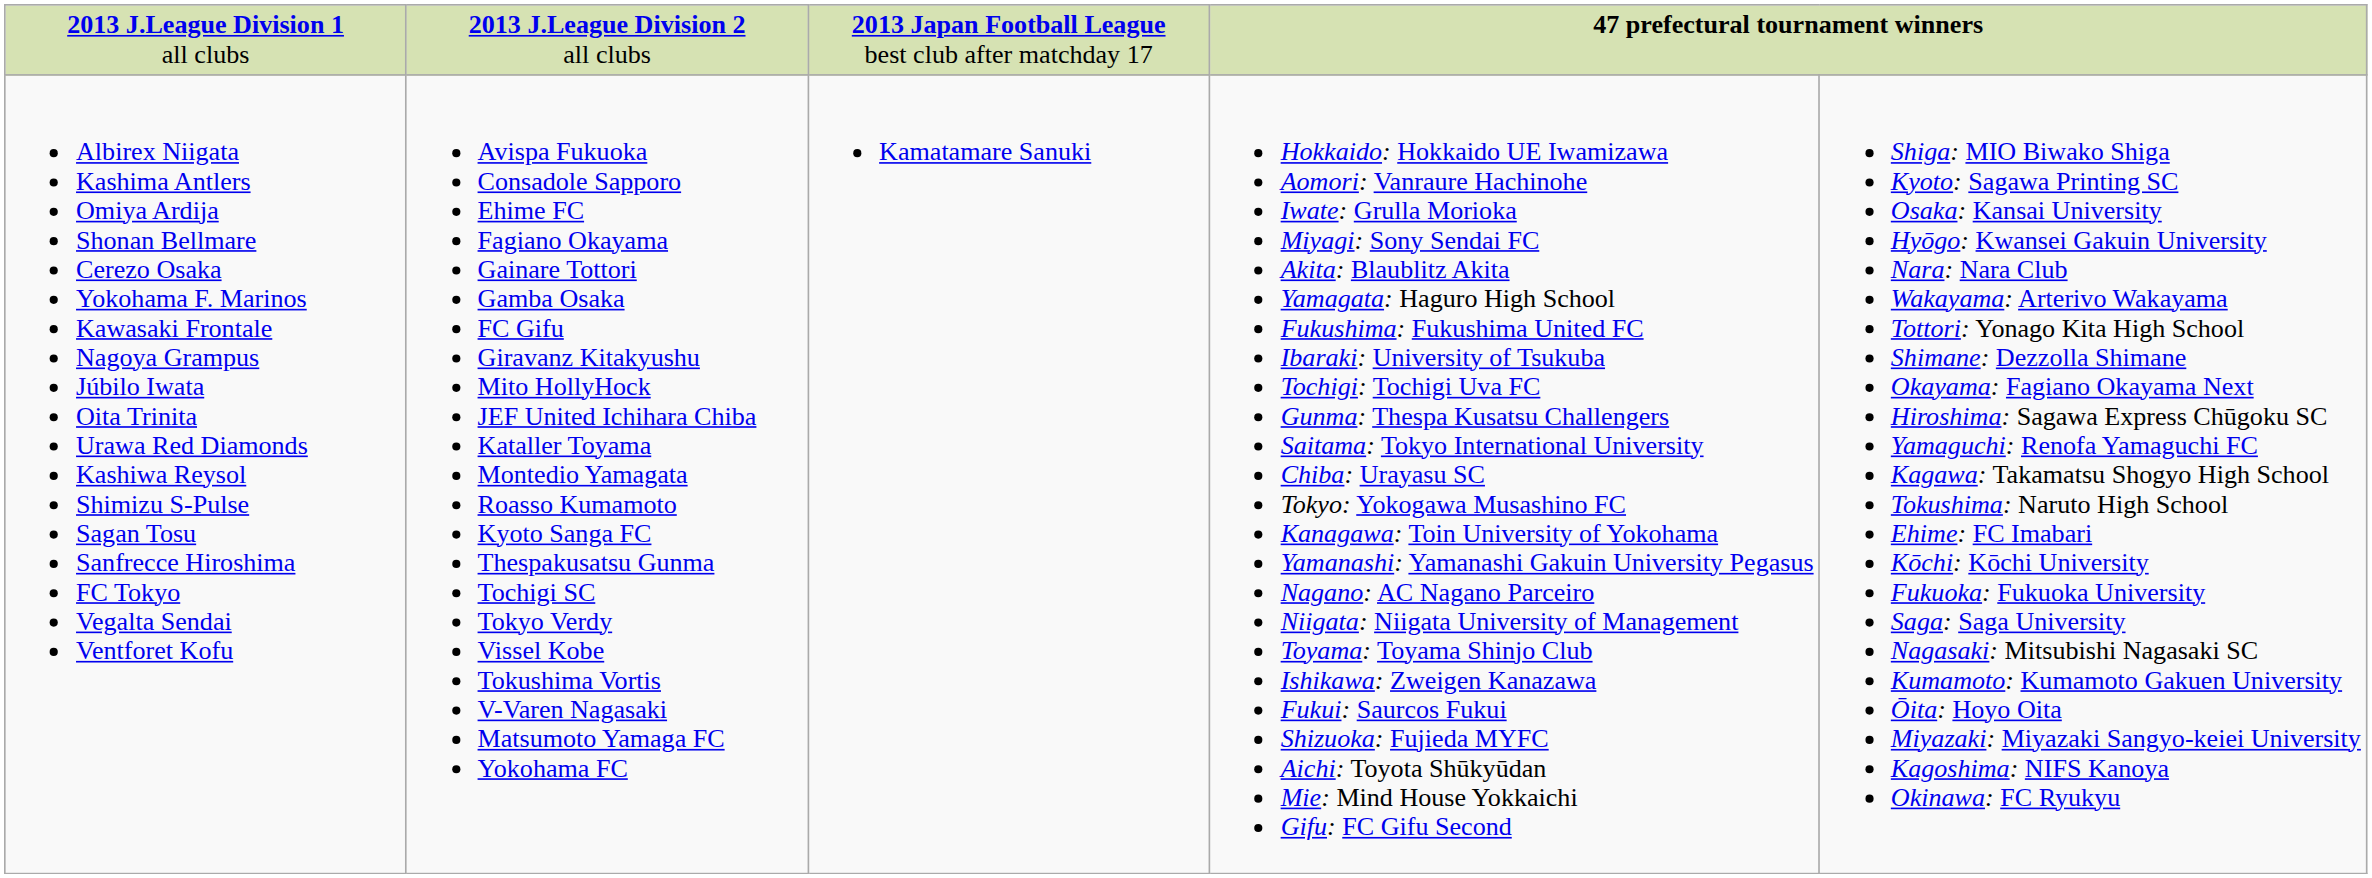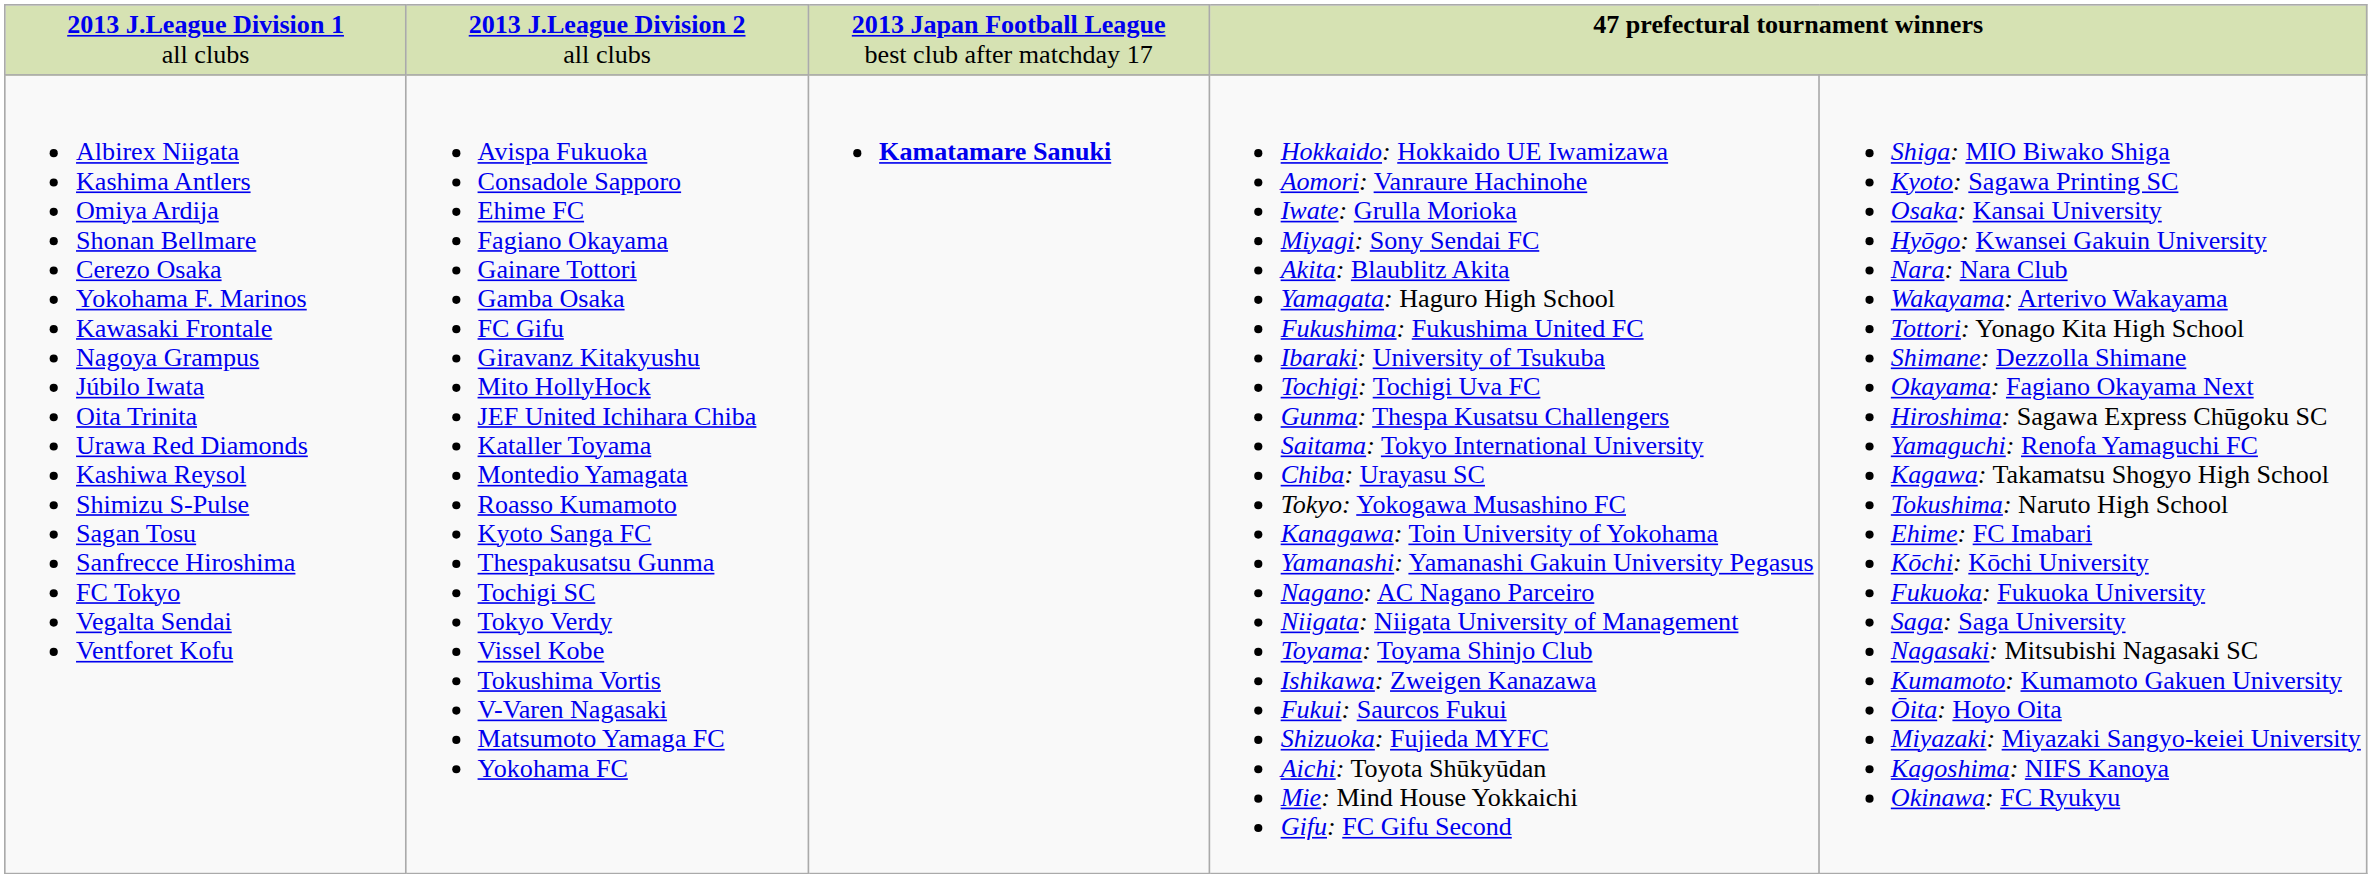 <table class="wikitable">
 <tr style="vertical-align:top; background:#d6e2b3; text-align:center;">
 <td style="width:17%;"><strong><a href='#'>2013 J.League Division 1</a></strong><br>all clubs</td>
 <td style="width:17%;"><strong><a href='#'>2013 J.League Division 2</a></strong><br>all clubs</td>
 <td style="width:17%;"><strong><a href='#'>2013 Japan Football League</a></strong><br>best club after matchday 17</td>
 <td colspan="2" style="width:49%;"><strong>47 prefectural tournament winners</strong><br></td>
 </tr>
 <tr valign="top">
 <td><br><ul><li><a href='#'>Albirex Niigata</a></li><li><a href='#'>Kashima Antlers</a></li><li><a href='#'>Omiya Ardija</a></li><li><a href='#'>Shonan Bellmare</a></li><li><a href='#'>Cerezo Osaka</a></li><li><a href='#'>Yokohama F. Marinos</a></li><li><a href='#'>Kawasaki Frontale</a></li><li><a href='#'>Nagoya Grampus</a></li><li><a href='#'>Júbilo Iwata</a></li><li><a href='#'>Oita Trinita</a></li><li><a href='#'>Urawa Red Diamonds</a></li><li><a href='#'>Kashiwa Reysol</a></li><li><a href='#'>Shimizu S-Pulse</a></li><li><a href='#'>Sagan Tosu</a></li><li><a href='#'>Sanfrecce Hiroshima</a></li><li><a href='#'>FC Tokyo</a></li><li><a href='#'>Vegalta Sendai</a></li><li><a href='#'>Ventforet Kofu</a></li></ul></td>
 <td><br><ul><li><a href='#'>Avispa Fukuoka</a></li><li><a href='#'>Consadole Sapporo</a></li><li><a href='#'>Ehime FC</a></li><li><a href='#'>Fagiano Okayama</a></li><li><a href='#'>Gainare Tottori</a></li><li><a href='#'>Gamba Osaka</a></li><li><a href='#'>FC Gifu</a></li><li><a href='#'>Giravanz Kitakyushu</a></li><li><a href='#'>Mito HollyHock</a></li><li><a href='#'>JEF United Ichihara Chiba</a></li><li><a href='#'>Kataller Toyama</a></li><li><a href='#'>Montedio Yamagata</a></li><li><a href='#'>Roasso Kumamoto</a></li><li><a href='#'>Kyoto Sanga FC</a></li><li><a href='#'>Thespakusatsu Gunma</a></li><li><a href='#'>Tochigi SC</a></li><li><a href='#'>Tokyo Verdy</a></li><li><a href='#'>Vissel Kobe</a></li><li><a href='#'>Tokushima Vortis</a></li><li><a href='#'>V-Varen Nagasaki</a></li><li><a href='#'>Matsumoto Yamaga FC</a></li><li><a href='#'>Yokohama FC</a></li></ul></td>
-<td><br><ul><li><a href='#'>Kamatamare Sanuki</a></li></ul></td>
+<td><strong><br><ul><li><a href='#'>Kamatamare Sanuki</a></li></ul></strong></td>
 <td><br><ul><li><em><a href='#'>Hokkaido</a>:</em> <a href='#'>Hokkaido UE Iwamizawa</a></li><li><em><a href='#'>Aomori</a>:</em> <a href='#'>Vanraure Hachinohe</a></li><li><em><a href='#'>Iwate</a>:</em> <a href='#'>Grulla Morioka</a></li><li><em><a href='#'>Miyagi</a>:</em> <a href='#'>Sony Sendai FC</a></li><li><em><a href='#'>Akita</a>:</em> <a href='#'>Blaublitz Akita</a></li><li><em><a href='#'>Yamagata</a>:</em> Haguro High School</li><li><em><a href='#'>Fukushima</a>:</em> <a href='#'>Fukushima United FC</a></li><li><em><a href='#'>Ibaraki</a>:</em> <a href='#'>University of Tsukuba</a></li><li><em><a href='#'>Tochigi</a>:</em> <a href='#'>Tochigi Uva FC</a></li><li><em><a href='#'>Gunma</a>:</em> <a href='#'>Thespa Kusatsu Challengers</a></li><li><em><a href='#'>Saitama</a>:</em> <a href='#'>Tokyo International University</a></li><li><em><a href='#'>Chiba</a>:</em> <a href='#'>Urayasu SC</a></li><li><em>Tokyo:</em> <a href='#'>Yokogawa Musashino FC</a></li><li><em><a href='#'>Kanagawa</a>:</em> <a href='#'>Toin University of Yokohama</a></li><li><em><a href='#'>Yamanashi</a>:</em> <a href='#'>Yamanashi Gakuin University Pegasus</a></li><li><em><a href='#'>Nagano</a>:</em> <a href='#'>AC Nagano Parceiro</a></li><li><em><a href='#'>Niigata</a>:</em> <a href='#'>Niigata University of Management</a></li><li><em><a href='#'>Toyama</a>:</em> <a href='#'>Toyama Shinjo Club</a></li><li><em><a href='#'>Ishikawa</a>:</em> <a href='#'>Zweigen Kanazawa</a></li><li><em><a href='#'>Fukui</a>:</em> <a href='#'>Saurcos Fukui</a></li><li><em><a href='#'>Shizuoka</a>:</em> <a href='#'>Fujieda MYFC</a></li><li><em><a href='#'>Aichi</a>:</em> Toyota Shūkyūdan</li><li><em><a href='#'>Mie</a>:</em> Mind House Yokkaichi</li><li><em><a href='#'>Gifu</a>:</em> <a href='#'>FC Gifu Second</a></li></ul></td>
 <td><br><ul><li><em><a href='#'>Shiga</a>:</em> <a href='#'>MIO Biwako Shiga</a></li><li><em><a href='#'>Kyoto</a>:</em> <a href='#'>Sagawa Printing SC</a></li><li><em><a href='#'>Osaka</a>:</em> <a href='#'>Kansai University</a></li><li><em><a href='#'>Hyōgo</a>:</em> <a href='#'>Kwansei Gakuin University</a></li><li><em><a href='#'>Nara</a>:</em> <a href='#'>Nara Club</a></li><li><em><a href='#'>Wakayama</a>:</em> <a href='#'>Arterivo Wakayama</a></li><li><em><a href='#'>Tottori</a>:</em> Yonago Kita High School</li><li><em><a href='#'>Shimane</a>:</em> <a href='#'>Dezzolla Shimane</a></li><li><em><a href='#'>Okayama</a>:</em> <a href='#'>Fagiano Okayama Next</a></li><li><em><a href='#'>Hiroshima</a>:</em> Sagawa Express Chūgoku SC</li><li><em><a href='#'>Yamaguchi</a>:</em> <a href='#'>Renofa Yamaguchi FC</a></li><li><em><a href='#'>Kagawa</a>:</em> Takamatsu Shogyo High School</li><li><em><a href='#'>Tokushima</a>:</em> Naruto High School</li><li><em><a href='#'>Ehime</a>:</em> <a href='#'>FC Imabari</a></li><li><em><a href='#'>Kōchi</a>:</em> <a href='#'>Kōchi University</a></li><li><em><a href='#'>Fukuoka</a>:</em> <a href='#'>Fukuoka University</a></li><li><em><a href='#'>Saga</a>:</em> <a href='#'>Saga University</a></li><li><em><a href='#'>Nagasaki</a>:</em> Mitsubishi Nagasaki SC</li><li><em><a href='#'>Kumamoto</a>:</em> <a href='#'>Kumamoto Gakuen University</a></li><li><em><a href='#'>Ōita</a>:</em> <a href='#'>Hoyo Oita</a></li><li><em><a href='#'>Miyazaki</a>:</em> <a href='#'>Miyazaki Sangyo-keiei University</a></li><li><em><a href='#'>Kagoshima</a>:</em> <a href='#'>NIFS Kanoya</a></li><li><em><a href='#'>Okinawa</a>:</em> <a href='#'>FC Ryukyu</a></li></ul></td>
 </tr>
 </table>
